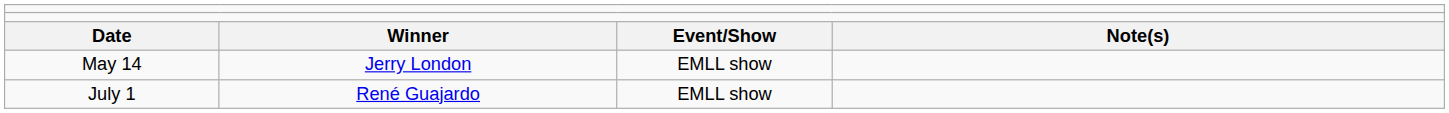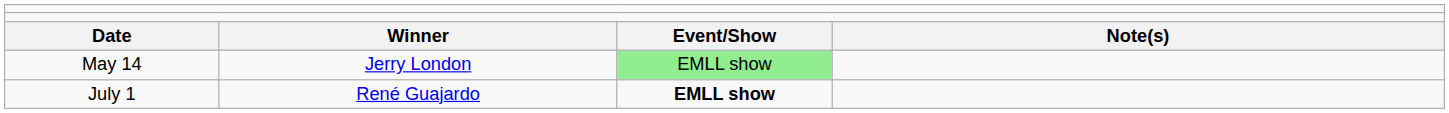 <table class="wikitable" style="text-align:center; width:100%;">
 <tr>
 <td colspan=5></td>
 </tr>
 <tr>
 <td colspan=5><strong></strong></td>
 </tr>
 <tr>
 <th width=14%>Date</th>
 <th width=26%>Winner</th>
 <th width=14%>Event/Show</th>
 <th width=40%>Note(s)</th>
 </tr>
 <tr>
 <td>May 14</td>
 <td><a href='#'>Jerry London</a></td>
-<td>EMLL show</td>
+<td style="background: lightgreen;">EMLL show</td>
 <td align=left></td>
 </tr>
 <tr>
 <td>July 1</td>
 <td><a href='#'>René Guajardo</a></td>
-<td>EMLL show</td>
+<td><strong>EMLL show</strong></td>
 <td align=left></td>
 </tr>
 </table>
